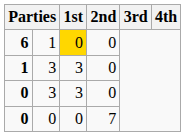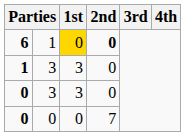 <table class="wikitable" style="text-align:right;">
 <tr>
 <th colspan=2 style="text-align:left;">Parties</th>
 <th>1st</th>
 <th>2nd</th>
 <th>3rd</th>
 <th>4th</th>
 </tr>
 <tr>
 <td><strong>6</strong></td>
 <td>1</td>
 <td style="background: gold;">0</td>
-<td>0</td>
+<td><strong>0</strong></td>
 </tr>
 <tr>
 <td><strong>1</strong></td>
 <td>3</td>
 <td>3</td>
 <td>0</td>
 </tr>
 <tr>
 <td><strong>0</strong></td>
 <td>3</td>
 <td>3</td>
 <td>0</td>
 </tr>
 <tr>
 <td><strong>0</strong></td>
 <td>0</td>
 <td>0</td>
 <td>7</td>
 </tr>
 </table>
